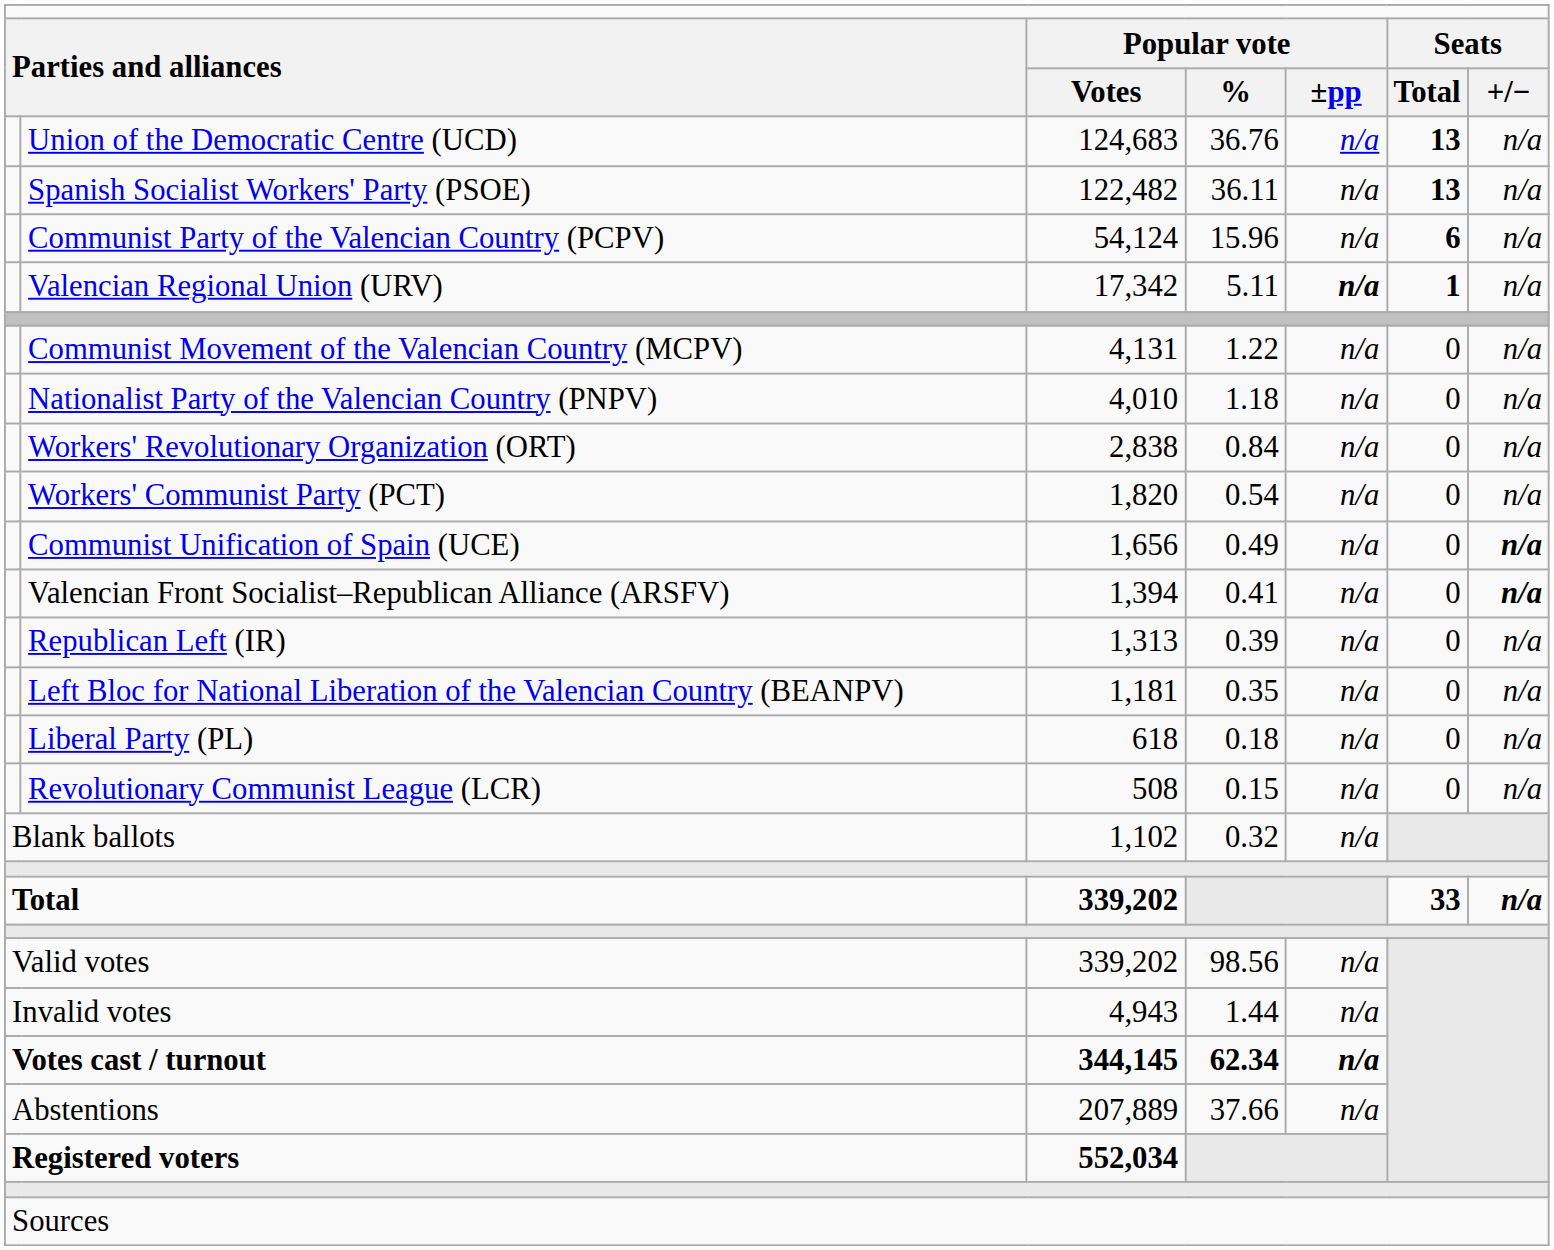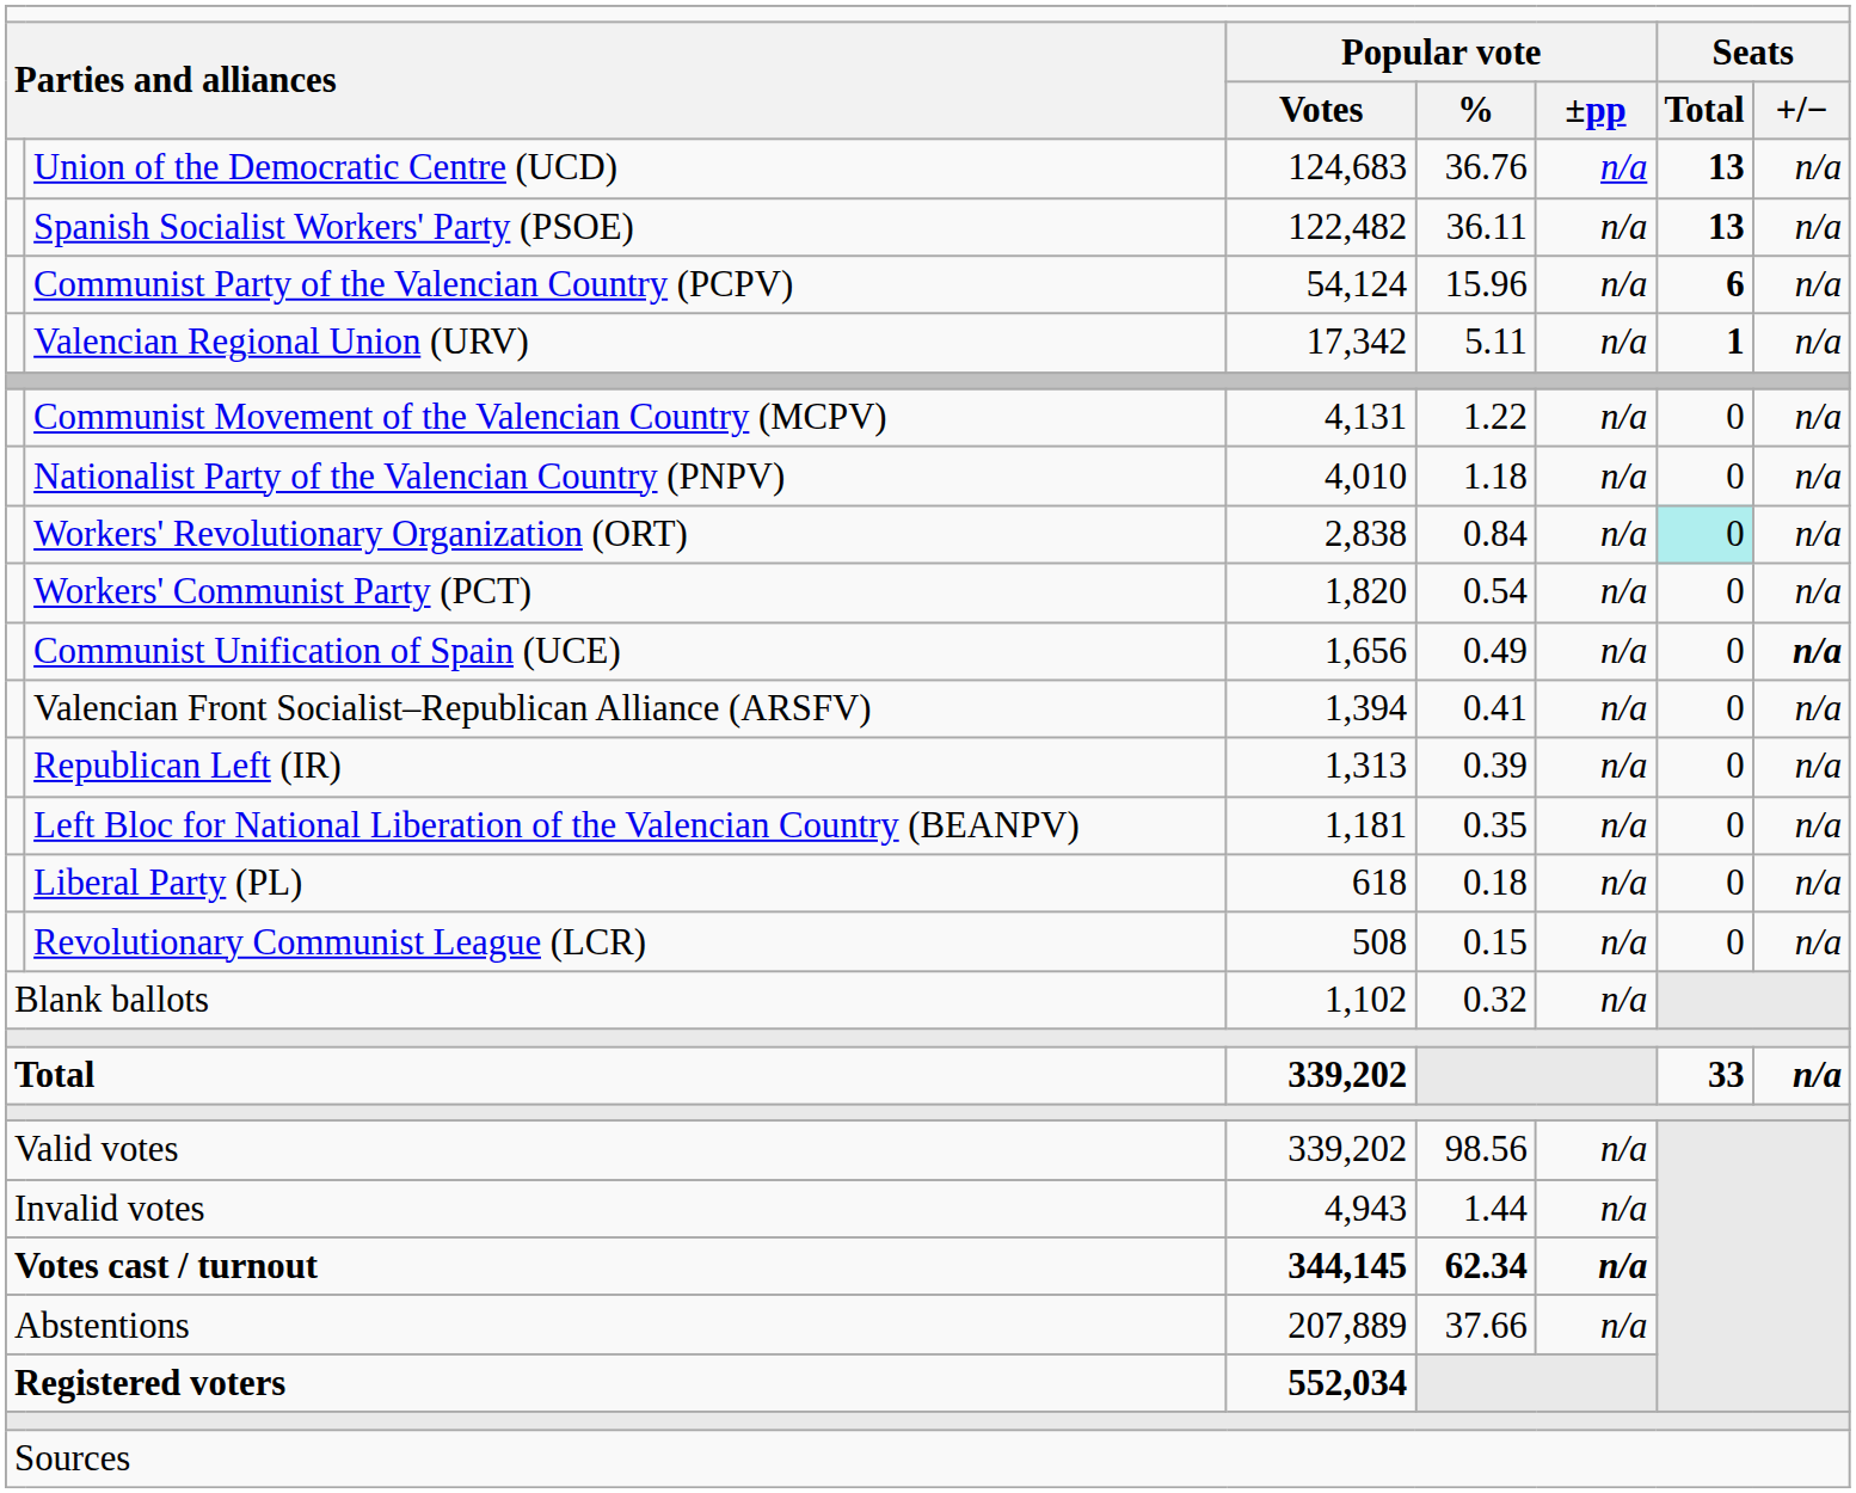 <table class="wikitable" style="text-align:right;">
 <tr>
 <td colspan="7"></td>
 </tr>
 <tr>
 <th style="text-align:left;" rowspan="2" colspan="2" width="525">Parties and alliances</th>
 <th colspan="3">Popular vote</th>
 <th colspan="2">Seats</th>
 </tr>
 <tr>
 <th width="75">Votes</th>
 <th width="45">%</th>
 <th width="45">±<a href='#'>pp</a></th>
 <th width="35">Total</th>
 <th width="35">+/−</th>
 </tr>
 <tr>
 <td width="1" style="color:inherit;background:"></td>
 <td align="left"><a href='#'>Union of the Democratic Centre</a> (UCD)</td>
 <td>124,683</td>
 <td>36.76</td>
 <td><em><a href='#'>n/a</a></em></td>
 <td><strong>13</strong></td>
 <td><em>n/a</em></td>
 </tr>
 <tr>
 <td style="color:inherit;background:"></td>
 <td align="left"><a href='#'>Spanish Socialist Workers' Party</a> (PSOE)</td>
 <td>122,482</td>
 <td>36.11</td>
 <td><em>n/a</em></td>
 <td><strong>13</strong></td>
 <td><em>n/a</em></td>
 </tr>
 <tr>
 <td style="color:inherit;background:"></td>
 <td align="left"><a href='#'>Communist Party of the Valencian Country</a> (PCPV)</td>
 <td>54,124</td>
 <td>15.96</td>
 <td><em>n/a</em></td>
 <td><strong>6</strong></td>
 <td><em>n/a</em></td>
 </tr>
 <tr>
 <td style="color:inherit;background:"></td>
 <td align="left"><a href='#'>Valencian Regional Union</a> (URV)</td>
 <td>17,342</td>
 <td>5.11</td>
-<td><strong><em>n/a</em></strong></td>
+<td><em>n/a</em></td>
 <td><strong>1</strong></td>
 <td><em>n/a</em></td>
 </tr>
 <tr>
 <td colspan="7" bgcolor="#C0C0C0"></td>
 </tr>
 <tr>
 <td style="color:inherit;background:"></td>
 <td align="left"><a href='#'>Communist Movement of the Valencian Country</a> (MCPV)</td>
 <td>4,131</td>
 <td>1.22</td>
 <td><em>n/a</em></td>
 <td>0</td>
 <td><em>n/a</em></td>
 </tr>
 <tr>
 <td style="color:inherit;background:"></td>
 <td align="left"><a href='#'>Nationalist Party of the Valencian Country</a> (PNPV)</td>
 <td>4,010</td>
 <td>1.18</td>
 <td><em>n/a</em></td>
 <td>0</td>
 <td><em>n/a</em></td>
 </tr>
 <tr>
 <td style="color:inherit;background:"></td>
 <td align="left"><a href='#'>Workers' Revolutionary Organization</a> (ORT)</td>
 <td>2,838</td>
 <td>0.84</td>
 <td><em>n/a</em></td>
-<td>0</td>
+<td style="background: paleturquoise;">0</td>
 <td><em>n/a</em></td>
 </tr>
 <tr>
 <td style="color:inherit;background:"></td>
 <td align="left"><a href='#'>Workers' Communist Party</a> (PCT)</td>
 <td>1,820</td>
 <td>0.54</td>
 <td><em>n/a</em></td>
 <td>0</td>
 <td><em>n/a</em></td>
 </tr>
 <tr>
 <td style="color:inherit;background:"></td>
 <td align="left"><a href='#'>Communist Unification of Spain</a> (UCE)</td>
 <td>1,656</td>
 <td>0.49</td>
 <td><em>n/a</em></td>
 <td>0</td>
 <td><strong><em>n/a</em></strong></td>
 </tr>
 <tr>
 <td style="color:inherit;background:"></td>
 <td align="left">Valencian Front Socialist–Republican Alliance (ARSFV)</td>
 <td>1,394</td>
 <td>0.41</td>
 <td><em>n/a</em></td>
 <td>0</td>
-<td><strong><em>n/a</em></strong></td>
+<td><em>n/a</em></td>
 </tr>
 <tr>
 <td style="color:inherit;background:"></td>
 <td align="left"><a href='#'>Republican Left</a> (IR)</td>
 <td>1,313</td>
 <td>0.39</td>
 <td><em>n/a</em></td>
 <td>0</td>
 <td><em>n/a</em></td>
 </tr>
 <tr>
 <td style="color:inherit;background:"></td>
 <td align="left"><a href='#'>Left Bloc for National Liberation of the Valencian Country</a> (BEANPV)</td>
 <td>1,181</td>
 <td>0.35</td>
 <td><em>n/a</em></td>
 <td>0</td>
 <td><em>n/a</em></td>
 </tr>
 <tr>
 <td style="color:inherit;background:"></td>
 <td align="left"><a href='#'>Liberal Party</a> (PL)</td>
 <td>618</td>
 <td>0.18</td>
 <td><em>n/a</em></td>
 <td>0</td>
 <td><em>n/a</em></td>
 </tr>
 <tr>
 <td style="color:inherit;background:"></td>
 <td align="left"><a href='#'>Revolutionary Communist League</a> (LCR)</td>
 <td>508</td>
 <td>0.15</td>
 <td><em>n/a</em></td>
 <td>0</td>
 <td><em>n/a</em></td>
 </tr>
 <tr>
 <td align="left" colspan="2">Blank ballots</td>
 <td>1,102</td>
 <td>0.32</td>
 <td><em>n/a</em></td>
 <td bgcolor="#E9E9E9" colspan="2"></td>
 </tr>
 <tr>
 <td colspan="7" bgcolor="#E9E9E9"></td>
 </tr>
 <tr style="font-weight:bold;">
 <td align="left" colspan="2">Total</td>
 <td>339,202</td>
 <td bgcolor="#E9E9E9" colspan="2"></td>
 <td>33</td>
 <td><em>n/a</em></td>
 </tr>
 <tr>
 <td colspan="7" bgcolor="#E9E9E9"></td>
 </tr>
 <tr>
 <td align="left" colspan="2">Valid votes</td>
 <td>339,202</td>
 <td>98.56</td>
 <td><em>n/a</em></td>
 <td bgcolor="#E9E9E9" colspan="2" rowspan="5"></td>
 </tr>
 <tr>
 <td align="left" colspan="2">Invalid votes</td>
 <td>4,943</td>
 <td>1.44</td>
 <td><em>n/a</em></td>
 </tr>
 <tr style="font-weight:bold;">
 <td align="left" colspan="2">Votes cast / turnout</td>
 <td>344,145</td>
 <td>62.34</td>
 <td><em>n/a</em></td>
 </tr>
 <tr>
 <td align="left" colspan="2">Abstentions</td>
 <td>207,889</td>
 <td>37.66</td>
 <td><em>n/a</em></td>
 </tr>
 <tr style="font-weight:bold;">
 <td align="left" colspan="2">Registered voters</td>
 <td>552,034</td>
 <td bgcolor="#E9E9E9" colspan="2"></td>
 </tr>
 <tr>
 <td colspan="7" bgcolor="#E9E9E9"></td>
 </tr>
 <tr>
 <td align="left" colspan="7">Sources</td>
 </tr>
 </table>
